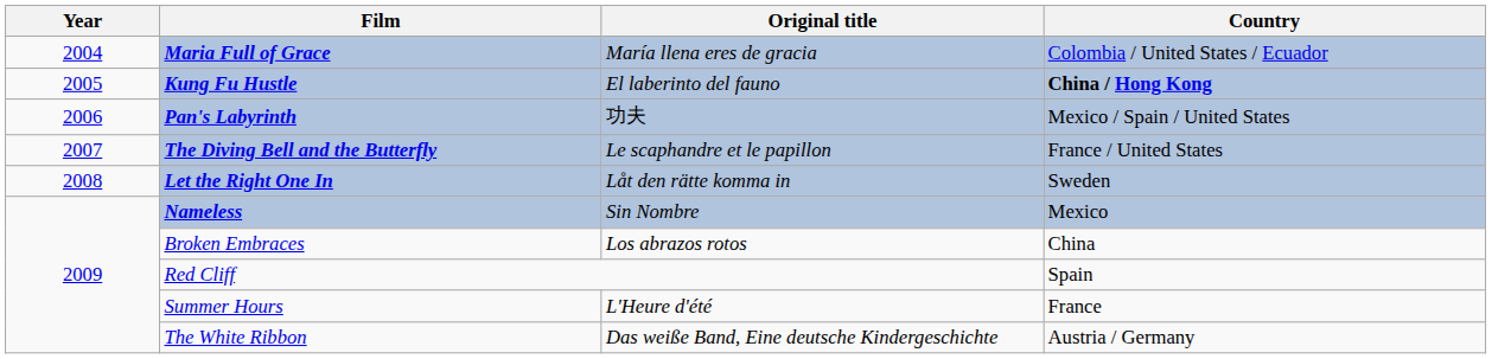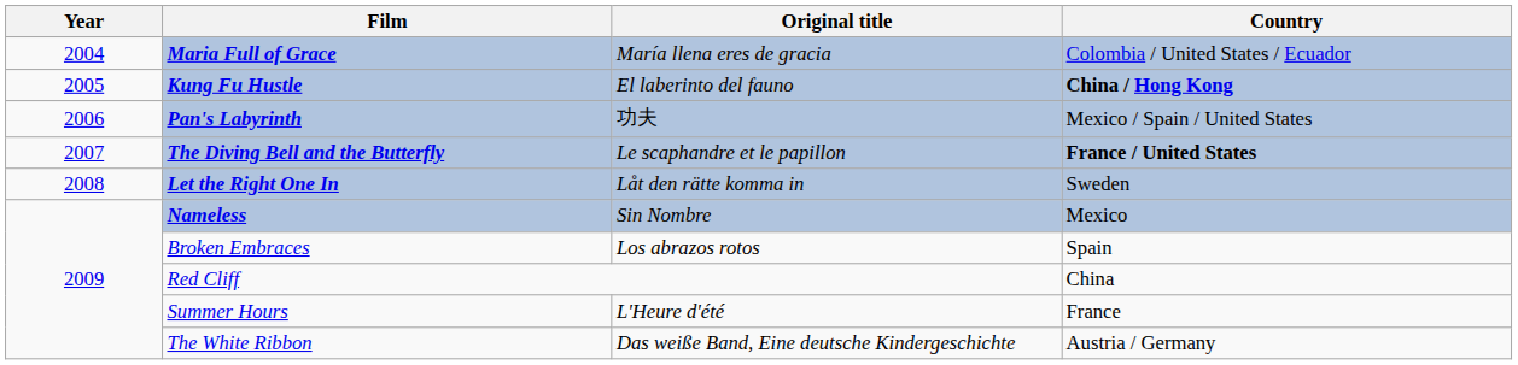 <table class="wikitable" width="95%" cellpadding="5">
 <tr>
 <th width="100"><strong>Year</strong></th>
 <th width="300"><strong>Film</strong></th>
 <th width="300"><strong>Original title</strong></th>
 <th width="300"><strong>Country</strong></th>
 </tr>
 <tr>
 <td style="text-align:center;"><a href='#'>2004</a></td>
 <td style="background:#B0C4DE;"><strong><em><a href='#'>Maria Full of Grace</a></em></strong></td>
 <td style="background:#B0C4DE;"><em>María llena eres de gracia</em></td>
 <td style="background:#B0C4DE;"><a href='#'>Colombia</a> / United States / <a href='#'>Ecuador</a></td>
 </tr>
 <tr>
 <td style="text-align:center;"><a href='#'>2005</a></td>
 <td style="background:#B0C4DE;"><strong><em><a href='#'>Kung Fu Hustle</a></em></strong></td>
 <td style="background:#B0C4DE;"><em>El laberinto del fauno</em></td>
 <td style="background:#B0C4DE;"><strong>China / <a href='#'>Hong Kong</a></strong></td>
 </tr>
 <tr>
 <td style="text-align:center;"><a href='#'>2006</a></td>
 <td style="background:#B0C4DE;"><strong><em><a href='#'>Pan's Labyrinth</a></em></strong></td>
 <td style="background:#B0C4DE;">功夫</td>
 <td style="background:#B0C4DE;">Mexico / Spain / United States</td>
 </tr>
 <tr>
 <td style="text-align:center;"><a href='#'>2007</a></td>
 <td style="background:#B0C4DE;"><strong><em><a href='#'>The Diving Bell and the Butterfly</a></em></strong></td>
 <td style="background:#B0C4DE;"><em>Le scaphandre et le papillon</em></td>
-<td style="background:#B0C4DE;">France / United States</td>
+<td style="background:#B0C4DE;"><strong>France / United States</strong></td>
 </tr>
 <tr>
 <td style="text-align:center;"><a href='#'>2008</a></td>
 <td style="background:#B0C4DE;"><strong><em><a href='#'>Let the Right One In</a></em></strong></td>
 <td style="background:#B0C4DE;"><em>Låt den rätte komma in</em></td>
 <td style="background:#B0C4DE;">Sweden</td>
 </tr>
 <tr>
 <td rowspan="5" style="text-align:center;"><a href='#'>2009</a></td>
 <td style="background:#B0C4DE;"><strong><em><a href='#'>Nameless</a></em></strong></td>
 <td style="background:#B0C4DE;"><em>Sin Nombre</em></td>
 <td style="background:#B0C4DE;">Mexico</td>
 </tr>
 <tr>
 <td><em><a href='#'>Broken Embraces</a></em></td>
 <td><em>Los abrazos rotos</em></td>
-<td>China</td>
+<td>Spain</td>
 </tr>
 <tr>
 <td colspan="2"><em><a href='#'>Red Cliff</a></em></td>
-<td>Spain</td>
+<td>China</td>
 </tr>
 <tr>
 <td><em><a href='#'>Summer Hours</a></em></td>
 <td><em>L'Heure d'été</em></td>
 <td>France</td>
 </tr>
 <tr>
 <td><em><a href='#'>The White Ribbon</a></em></td>
 <td><em>Das weiße Band, Eine deutsche Kindergeschichte</em></td>
 <td>Austria / Germany</td>
 </tr>
 </table>
